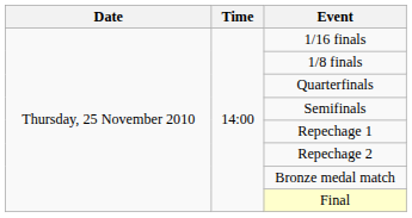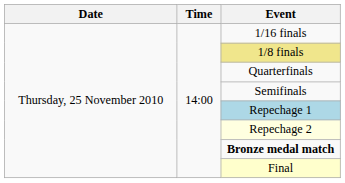 <table class = "wikitable" style="text-align:center;">
 <tr>
 <th width=220>Date</th>
 <th width=50>Time</th>
 <th width=150>Event</th>
 </tr>
 <tr>
 <td rowspan=8>Thursday, 25 November 2010</td>
 <td rowspan=8>14:00</td>
 <td>1/16 finals</td>
 </tr>
 <tr>
-<td>1/8 finals</td>
+<td style="background: khaki;">1/8 finals</td>
 </tr>
 <tr>
 <td>Quarterfinals</td>
 </tr>
 <tr>
 <td>Semifinals</td>
 </tr>
 <tr>
-<td>Repechage 1</td>
+<td style="background: lightblue;">Repechage 1</td>
 </tr>
 <tr>
-<td>Repechage 2</td>
+<td style="background: lightyellow;">Repechage 2</td>
 </tr>
 <tr>
-<td>Bronze medal match</td>
+<td><strong>Bronze medal match</strong></td>
 </tr>
 <tr>
 <td bgcolor=ffffcc>Final</td>
 </tr>
 </table>
